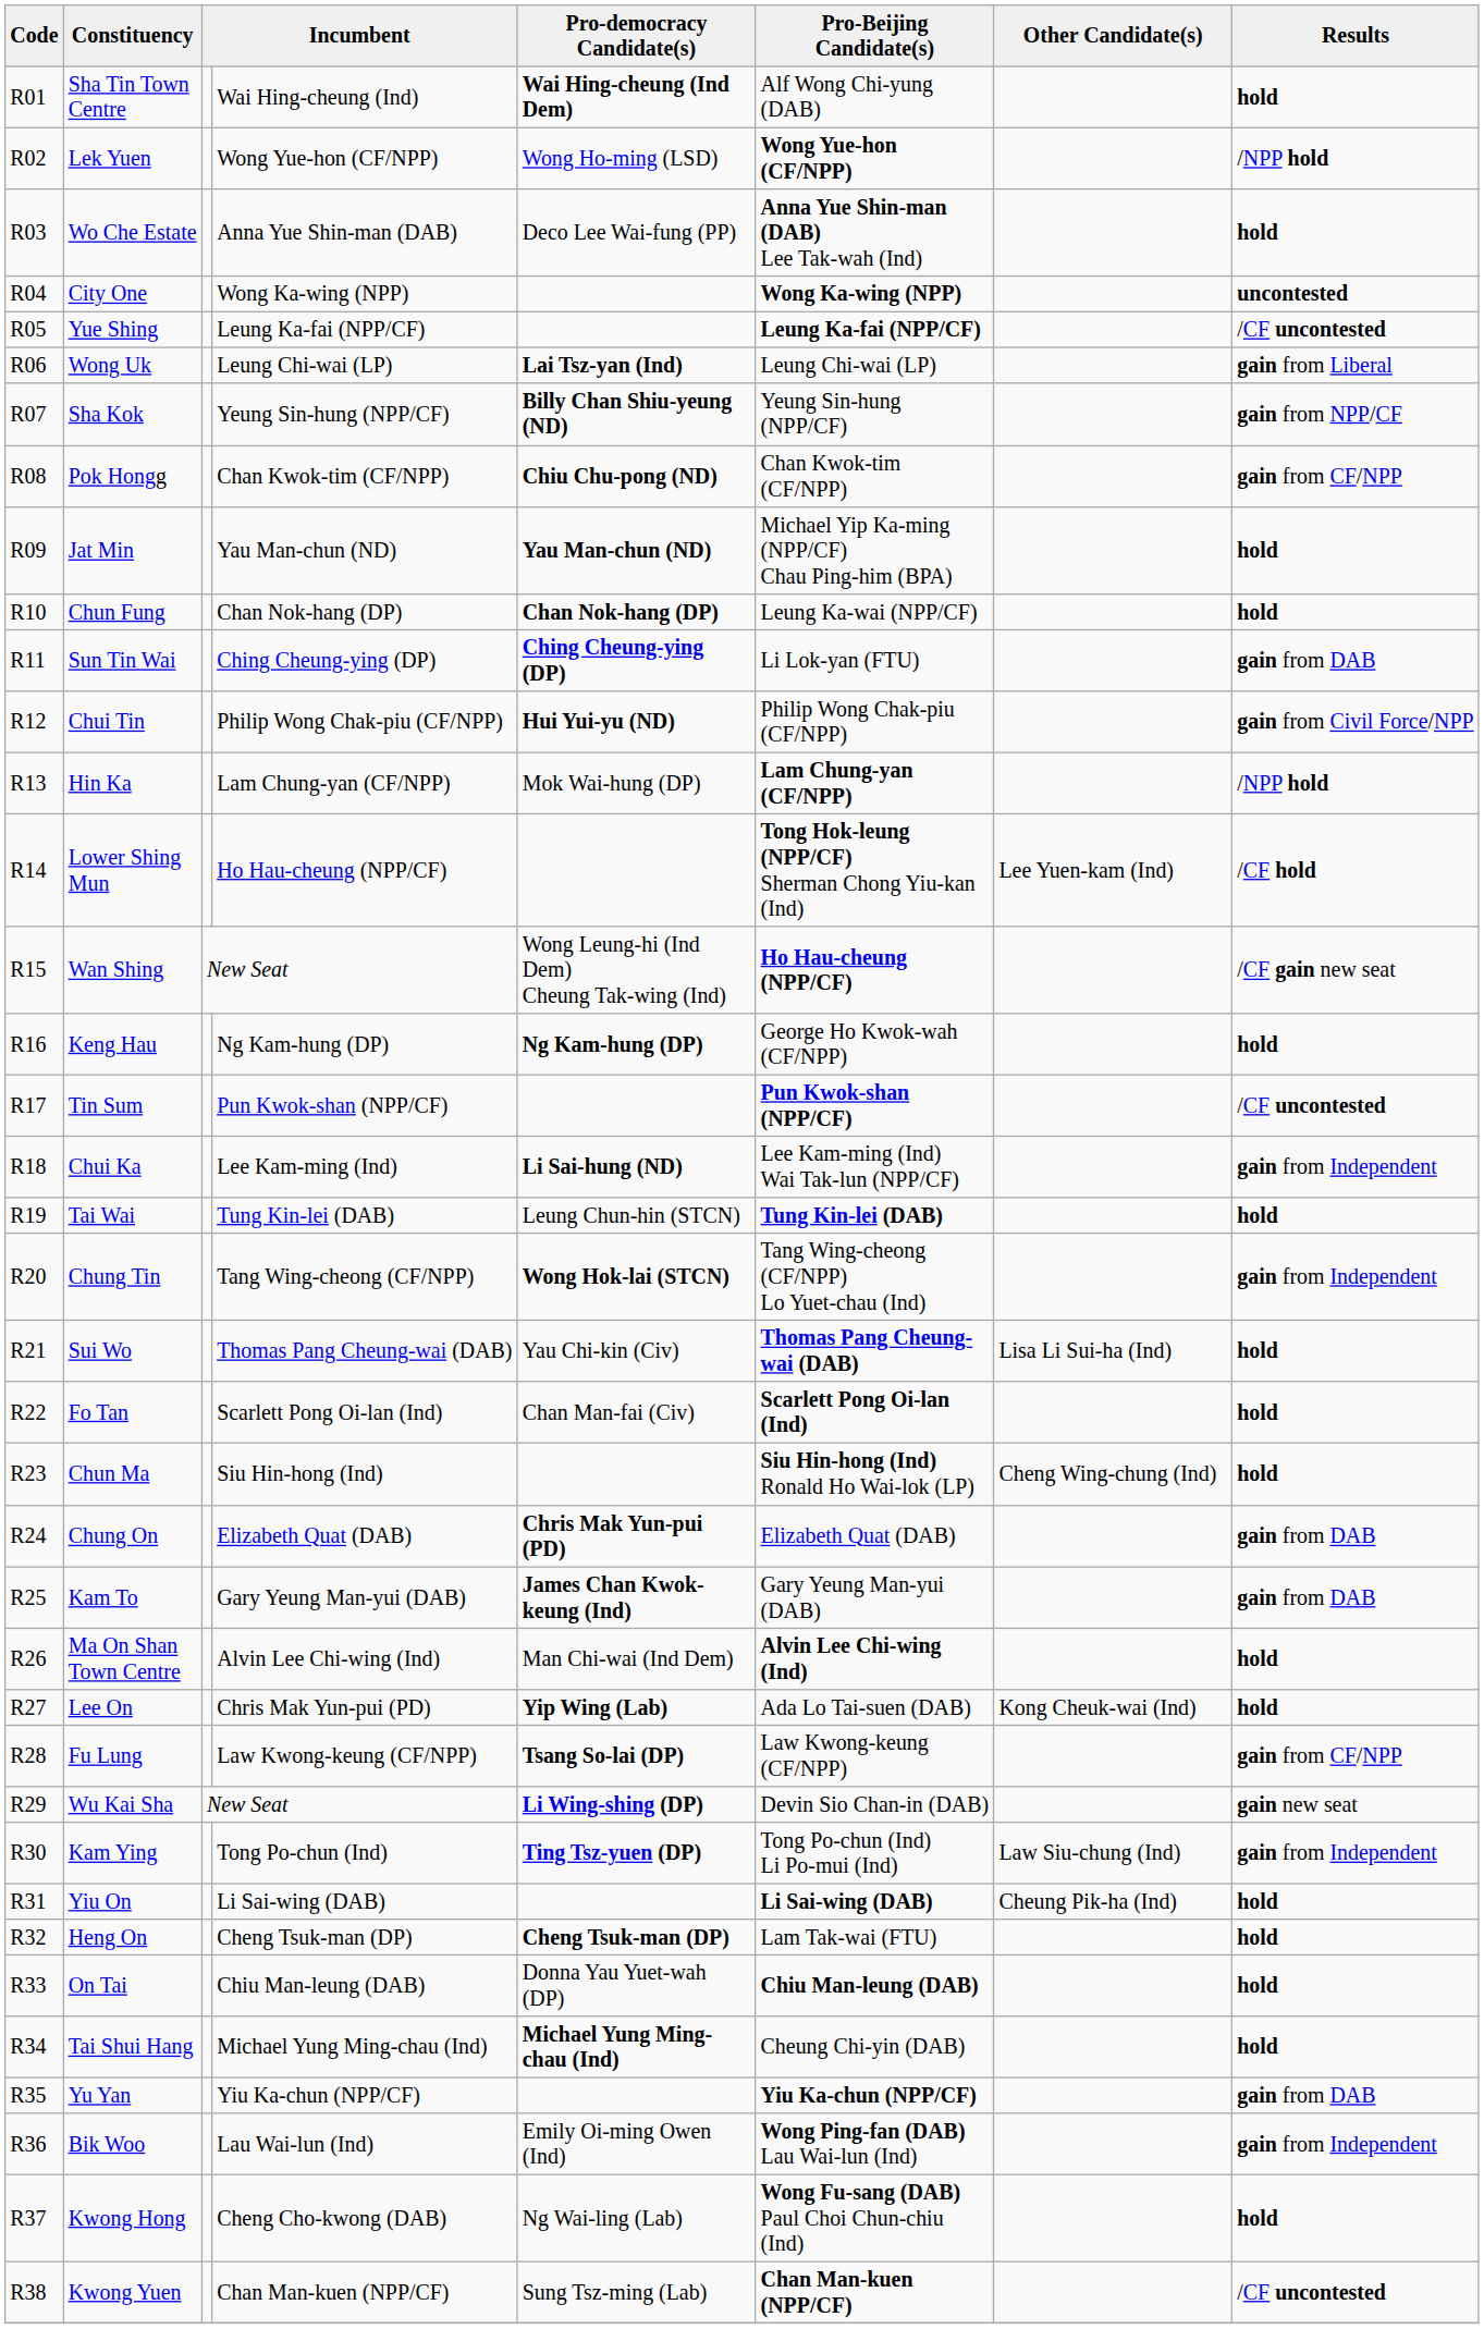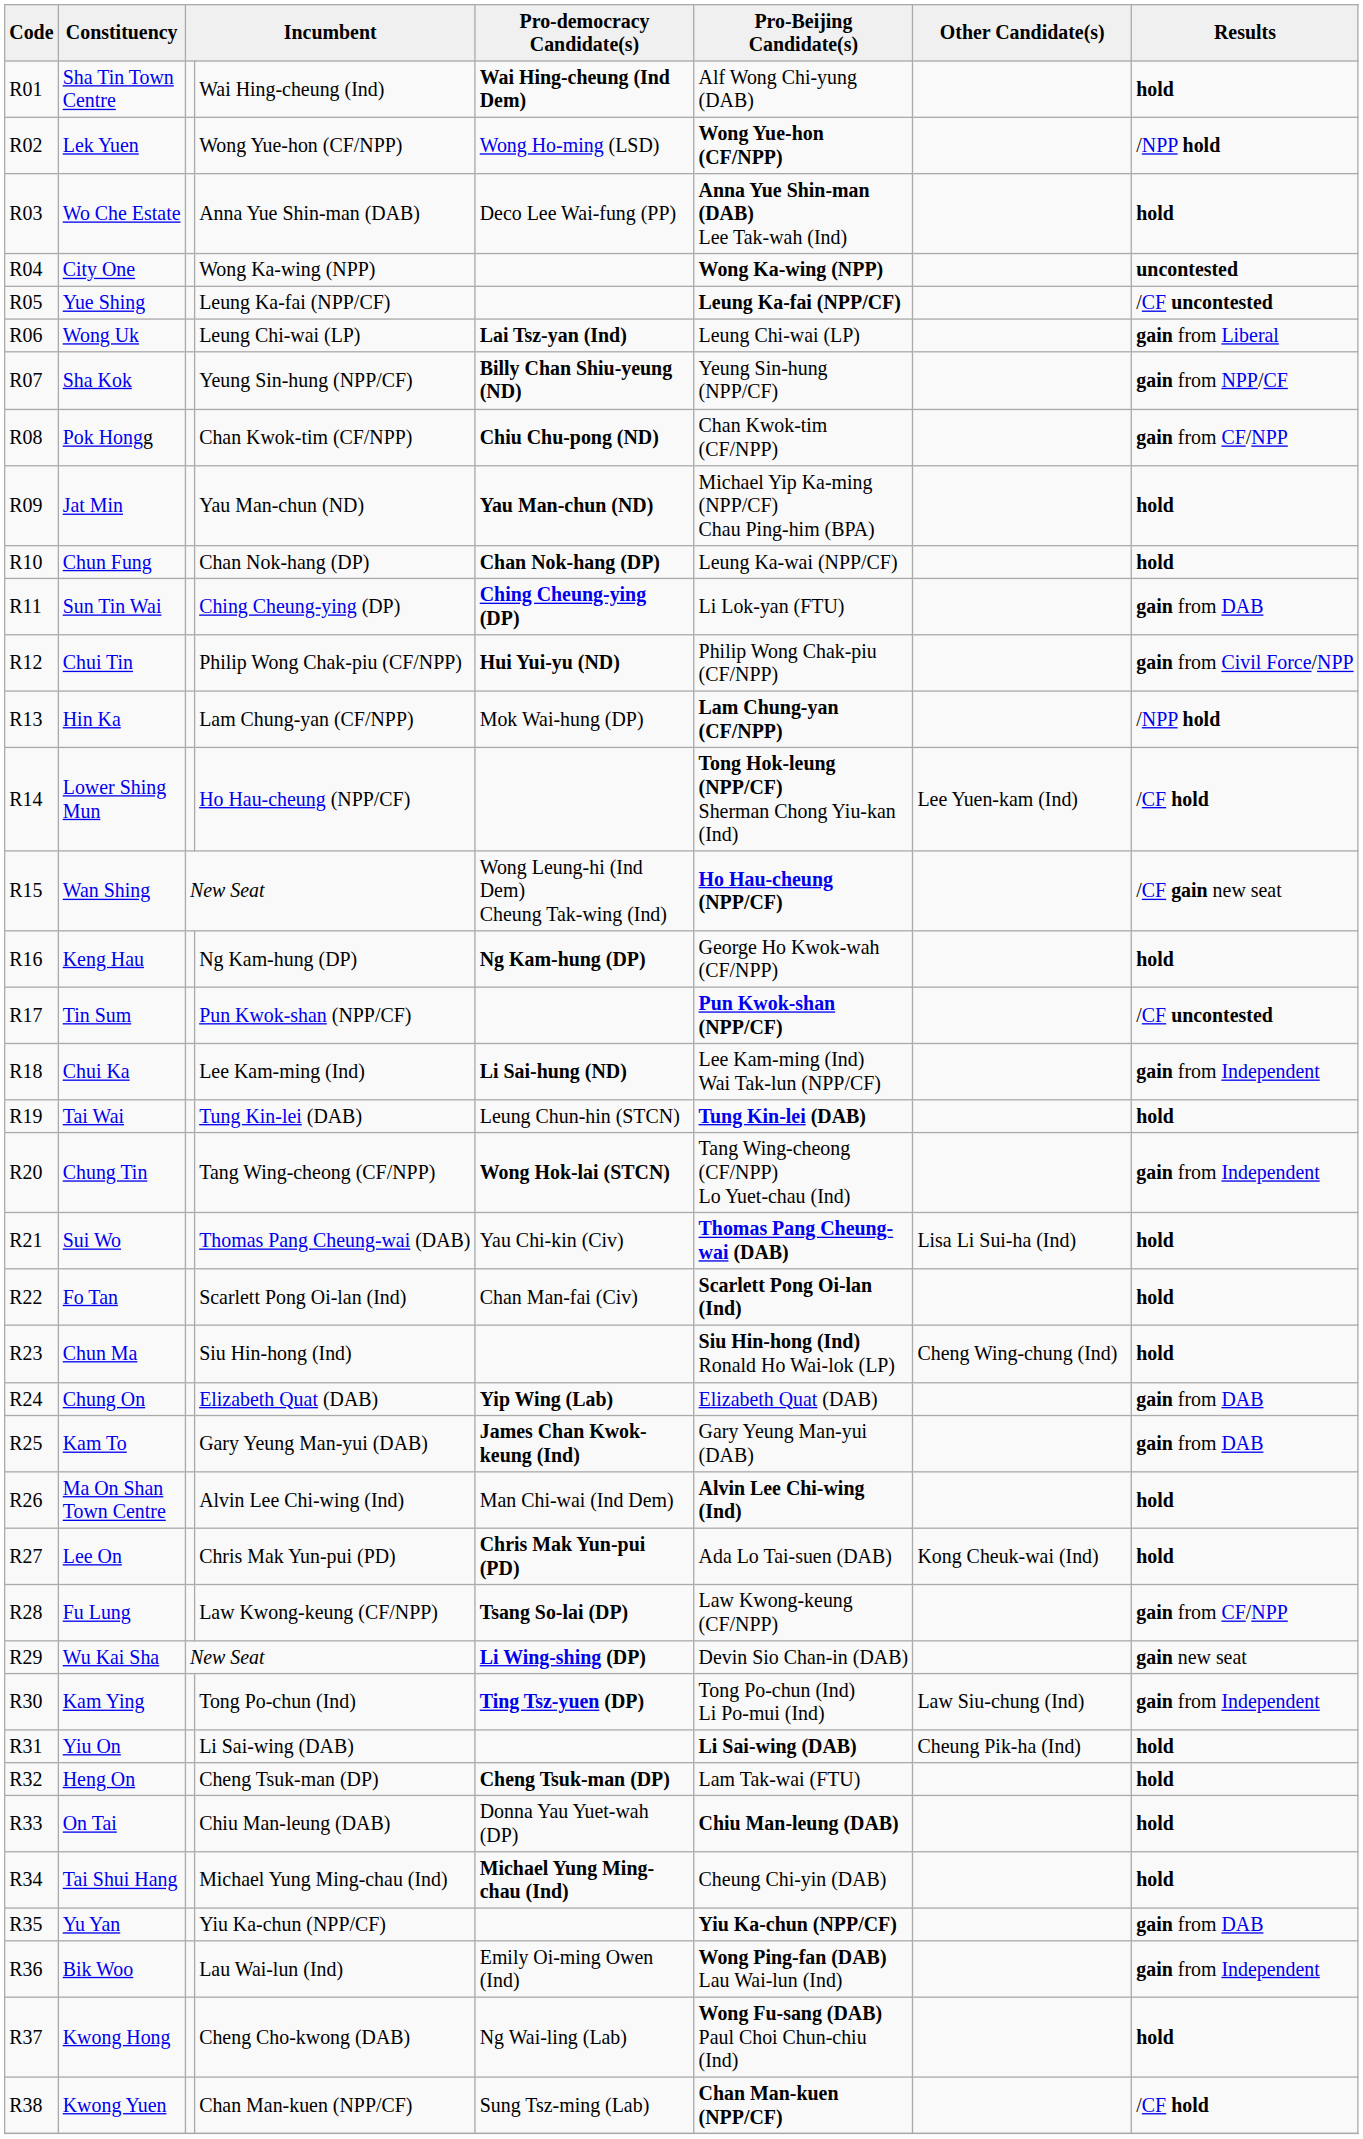 <table class="wikitable sortable" style="font-size: 95%;">
 <tr>
 <th align="center" style="background:#f0f0f0;" width="20px"><strong>Code</strong></th>
 <th align="center" style="background:#f0f0f0;" width="90px"><strong>Constituency</strong></th>
 <th align="center" style="background:#f0f0f0;" width="120px" colspan=2><strong>Incumbent</strong></th>
 <th align="center" style="background:#f0f0f0;" width="160px"><strong>Pro-democracy Candidate(s)</strong></th>
 <th align="center" style="background:#f0f0f0;" width="160px"><strong>Pro-Beijing Candidate(s)</strong></th>
 <th align="center" style="background:#f0f0f0;" width="160px"><strong>Other Candidate(s)</strong></th>
 <th align="center" style="background:#f0f0f0;" width="100px" colspan="2"><strong>Results</strong></th>
 </tr>
 <tr>
 <td>R01</td>
 <td><a href='#'>Sha Tin Town Centre</a></td>
 <td></td>
 <td>Wai Hing-cheung (Ind)</td>
 <td><strong>Wai Hing-cheung (Ind Dem)</strong></td>
 <td>Alf Wong Chi-yung (DAB)</td>
 <td></td>
 <td> <strong>hold</strong></td>
 </tr>
 <tr>
 <td>R02</td>
 <td><a href='#'>Lek Yuen</a></td>
 <td></td>
 <td>Wong Yue-hon (CF/NPP)</td>
 <td><a href='#'>Wong Ho-ming</a> (LSD)</td>
 <td><strong>Wong Yue-hon (CF/NPP)</strong></td>
 <td></td>
 <td>/<a href='#'>NPP</a> <strong>hold</strong></td>
 </tr>
 <tr>
 <td>R03</td>
 <td><a href='#'>Wo Che Estate</a></td>
 <td></td>
 <td>Anna Yue Shin-man (DAB)</td>
 <td>Deco Lee Wai-fung (PP)</td>
 <td><strong>Anna Yue Shin-man (DAB)</strong><br>Lee Tak-wah (Ind)</td>
 <td></td>
 <td> <strong>hold</strong></td>
 </tr>
 <tr>
 <td>R04</td>
 <td><a href='#'>City One</a></td>
 <td></td>
 <td>Wong Ka-wing (NPP)</td>
 <td></td>
 <td><strong>Wong Ka-wing (NPP)</strong></td>
 <td></td>
 <td> <strong>uncontested</strong></td>
 </tr>
 <tr>
 <td>R05</td>
 <td><a href='#'>Yue Shing</a></td>
 <td></td>
 <td>Leung Ka-fai (NPP/CF)</td>
 <td></td>
 <td><strong>Leung Ka-fai (NPP/CF)</strong></td>
 <td></td>
 <td>/<a href='#'>CF</a> <strong>uncontested</strong></td>
 </tr>
 <tr>
 <td>R06</td>
 <td><a href='#'>Wong Uk</a></td>
 <td></td>
 <td>Leung Chi-wai (LP)</td>
 <td><strong>Lai Tsz-yan (Ind)</strong></td>
 <td>Leung Chi-wai (LP)</td>
 <td></td>
 <td> <strong>gain</strong> from <a href='#'>Liberal</a></td>
 </tr>
 <tr>
 <td>R07</td>
 <td><a href='#'>Sha Kok</a></td>
 <td></td>
 <td>Yeung Sin-hung (NPP/CF)</td>
 <td><strong>Billy Chan Shiu-yeung (ND)</strong></td>
 <td>Yeung Sin-hung (NPP/CF)</td>
 <td></td>
 <td> <strong>gain</strong> from <a href='#'>NPP</a>/<a href='#'>CF</a></td>
 </tr>
 <tr>
 <td>R08</td>
 <td><a href='#'>Pok Hong</a>g</td>
 <td></td>
 <td>Chan Kwok-tim (CF/NPP)</td>
 <td><strong>Chiu Chu-pong (ND)</strong></td>
 <td>Chan Kwok-tim (CF/NPP)</td>
 <td></td>
 <td> <strong>gain</strong> from <a href='#'>CF</a>/<a href='#'>NPP</a></td>
 </tr>
 <tr>
 <td>R09</td>
 <td><a href='#'>Jat Min</a></td>
 <td></td>
 <td>Yau Man-chun (ND)</td>
 <td><strong>Yau Man-chun (ND)</strong></td>
 <td>Michael Yip Ka-ming (NPP/CF)<br>Chau Ping-him (BPA)</td>
 <td></td>
 <td> <strong>hold</strong></td>
 </tr>
 <tr>
 <td>R10</td>
 <td><a href='#'>Chun Fung</a></td>
 <td></td>
 <td>Chan Nok-hang (DP)</td>
 <td><strong>Chan Nok-hang (DP)</strong></td>
 <td>Leung Ka-wai (NPP/CF)</td>
 <td></td>
 <td> <strong>hold</strong></td>
 </tr>
 <tr>
 <td>R11</td>
 <td><a href='#'>Sun Tin Wai</a></td>
 <td></td>
 <td><a href='#'>Ching Cheung-ying</a> (DP)</td>
 <td><strong><a href='#'>Ching Cheung-ying</a> (DP)</strong></td>
 <td>Li Lok-yan (FTU)</td>
 <td></td>
 <td> <strong>gain</strong> from <a href='#'>DAB</a></td>
 </tr>
 <tr>
 <td>R12</td>
 <td><a href='#'>Chui Tin</a></td>
 <td></td>
 <td>Philip Wong Chak-piu (CF/NPP)</td>
 <td><strong>Hui Yui-yu (ND)</strong></td>
 <td>Philip Wong Chak-piu (CF/NPP)</td>
 <td></td>
 <td> <strong>gain</strong> from <a href='#'>Civil Force</a>/<a href='#'>NPP</a></td>
 </tr>
 <tr>
 <td>R13</td>
 <td><a href='#'>Hin Ka</a></td>
 <td></td>
 <td>Lam Chung-yan (CF/NPP)</td>
 <td>Mok Wai-hung (DP)</td>
 <td><strong>Lam Chung-yan (CF/NPP)</strong></td>
 <td></td>
 <td>/<a href='#'>NPP</a> <strong>hold</strong></td>
 </tr>
 <tr>
 <td>R14</td>
 <td><a href='#'>Lower Shing Mun</a></td>
 <td></td>
 <td><a href='#'>Ho Hau-cheung</a> (NPP/CF)</td>
 <td></td>
 <td><strong>Tong Hok-leung (NPP/CF)</strong><br>Sherman Chong Yiu-kan (Ind)</td>
 <td>Lee Yuen-kam (Ind)</td>
 <td>/<a href='#'>CF</a> <strong>hold</strong></td>
 </tr>
 <tr>
 <td>R15</td>
 <td><a href='#'>Wan Shing</a></td>
 <td colspan=2><em>New Seat</em></td>
 <td>Wong Leung-hi (Ind Dem)<br>Cheung Tak-wing (Ind)</td>
 <td><strong><a href='#'>Ho Hau-cheung</a> (NPP/CF)</strong></td>
 <td></td>
 <td>/<a href='#'>CF</a> <strong>gain</strong> new seat</td>
 </tr>
 <tr>
 <td>R16</td>
 <td><a href='#'>Keng Hau</a></td>
 <td></td>
 <td>Ng Kam-hung (DP)</td>
 <td><strong>Ng Kam-hung (DP)</strong></td>
 <td>George Ho Kwok-wah (CF/NPP)</td>
 <td></td>
 <td> <strong>hold</strong></td>
 </tr>
 <tr>
 <td>R17</td>
 <td><a href='#'>Tin Sum</a></td>
 <td></td>
 <td><a href='#'>Pun Kwok-shan</a> (NPP/CF)</td>
 <td></td>
 <td><strong><a href='#'>Pun Kwok-shan</a> (NPP/CF)</strong></td>
 <td></td>
 <td>/<a href='#'>CF</a> <strong>uncontested</strong></td>
 </tr>
 <tr>
 <td>R18</td>
 <td><a href='#'>Chui Ka</a></td>
 <td></td>
 <td>Lee Kam-ming (Ind)</td>
 <td><strong>Li Sai-hung (ND)</strong></td>
 <td>Lee Kam-ming (Ind)<br>Wai Tak-lun (NPP/CF)</td>
 <td></td>
 <td> <strong>gain</strong> from <a href='#'>Independent</a></td>
 </tr>
 <tr>
 <td>R19</td>
 <td><a href='#'>Tai Wai</a></td>
 <td></td>
 <td><a href='#'>Tung Kin-lei</a> (DAB)</td>
 <td>Leung Chun-hin (STCN)</td>
 <td><strong><a href='#'>Tung Kin-lei</a> (DAB)</strong></td>
 <td></td>
 <td> <strong>hold</strong></td>
 </tr>
 <tr>
 <td>R20</td>
 <td><a href='#'>Chung Tin</a></td>
 <td></td>
 <td>Tang Wing-cheong (CF/NPP)</td>
 <td><strong>Wong Hok-lai (STCN)</strong></td>
 <td>Tang Wing-cheong (CF/NPP)<br>Lo Yuet-chau (Ind)</td>
 <td></td>
 <td> <strong>gain</strong> from <a href='#'>Independent</a></td>
 </tr>
 <tr>
 <td>R21</td>
 <td><a href='#'>Sui Wo</a></td>
 <td></td>
 <td><a href='#'>Thomas Pang Cheung-wai</a> (DAB)</td>
 <td>Yau Chi-kin (Civ)</td>
 <td><strong><a href='#'>Thomas Pang Cheung-wai</a> (DAB)</strong></td>
 <td>Lisa Li Sui-ha (Ind)</td>
 <td> <strong>hold</strong></td>
 </tr>
 <tr>
 <td>R22</td>
 <td><a href='#'>Fo Tan</a></td>
 <td></td>
 <td>Scarlett Pong Oi-lan (Ind)</td>
 <td>Chan Man-fai (Civ)</td>
 <td><strong>Scarlett Pong Oi-lan (Ind)</strong></td>
 <td></td>
 <td> <strong>hold</strong></td>
 </tr>
 <tr>
 <td>R23</td>
 <td><a href='#'>Chun Ma</a></td>
 <td></td>
 <td>Siu Hin-hong (Ind)</td>
 <td></td>
 <td><strong>Siu Hin-hong (Ind)</strong><br>Ronald Ho Wai-lok (LP)</td>
 <td>Cheng Wing-chung (Ind)</td>
 <td> <strong>hold</strong></td>
 </tr>
 <tr>
 <td>R24</td>
 <td><a href='#'>Chung On</a></td>
 <td></td>
 <td><a href='#'>Elizabeth Quat</a> (DAB)</td>
-<td><strong>Chris Mak Yun-pui (PD)</strong></td>
+<td><strong>Yip Wing (Lab)</strong></td>
 <td><a href='#'>Elizabeth Quat</a> (DAB)</td>
 <td></td>
 <td> <strong>gain</strong> from <a href='#'>DAB</a></td>
 </tr>
 <tr>
 <td>R25</td>
 <td><a href='#'>Kam To</a></td>
 <td></td>
 <td>Gary Yeung Man-yui (DAB)</td>
 <td><strong>James Chan Kwok-keung (Ind)</strong></td>
 <td>Gary Yeung Man-yui (DAB)</td>
 <td></td>
 <td> <strong>gain</strong> from <a href='#'>DAB</a></td>
 </tr>
 <tr>
 <td>R26</td>
 <td><a href='#'>Ma On Shan Town Centre</a></td>
 <td></td>
 <td>Alvin Lee Chi-wing (Ind)</td>
 <td>Man Chi-wai (Ind Dem)</td>
 <td><strong>Alvin Lee Chi-wing (Ind)</strong></td>
 <td></td>
 <td> <strong>hold</strong></td>
 </tr>
 <tr>
 <td>R27</td>
 <td><a href='#'>Lee On</a></td>
 <td></td>
 <td>Chris Mak Yun-pui (PD)</td>
-<td><strong>Yip Wing (Lab)</strong></td>
+<td><strong>Chris Mak Yun-pui (PD)</strong></td>
 <td>Ada Lo Tai-suen (DAB)</td>
 <td>Kong Cheuk-wai (Ind)</td>
 <td> <strong>hold</strong></td>
 </tr>
 <tr>
 <td>R28</td>
 <td><a href='#'>Fu Lung</a></td>
 <td></td>
 <td>Law Kwong-keung (CF/NPP)</td>
 <td><strong>Tsang So-lai (DP)</strong></td>
 <td>Law Kwong-keung (CF/NPP)</td>
 <td></td>
 <td> <strong>gain</strong> from <a href='#'>CF</a>/<a href='#'>NPP</a></td>
 </tr>
 <tr>
 <td>R29</td>
 <td><a href='#'>Wu Kai Sha</a></td>
 <td colspan=2><em>New Seat</em></td>
 <td><strong><a href='#'>Li Wing-shing</a> (DP)</strong></td>
 <td>Devin Sio Chan-in (DAB)</td>
 <td></td>
 <td> <strong>gain</strong> new seat</td>
 </tr>
 <tr>
 <td>R30</td>
 <td><a href='#'>Kam Ying</a></td>
 <td></td>
 <td>Tong Po-chun (Ind)</td>
 <td><strong><a href='#'>Ting Tsz-yuen</a> (DP)</strong></td>
 <td>Tong Po-chun (Ind)<br>Li Po-mui (Ind)</td>
 <td>Law Siu-chung (Ind)</td>
 <td> <strong>gain</strong> from <a href='#'>Independent</a></td>
 </tr>
 <tr>
 <td>R31</td>
 <td><a href='#'>Yiu On</a></td>
 <td></td>
 <td>Li Sai-wing (DAB)</td>
 <td></td>
 <td><strong>Li Sai-wing (DAB)</strong></td>
 <td>Cheung Pik-ha (Ind)</td>
 <td> <strong>hold</strong></td>
 </tr>
 <tr>
 <td>R32</td>
 <td><a href='#'>Heng On</a></td>
 <td></td>
 <td>Cheng Tsuk-man (DP)</td>
 <td><strong>Cheng Tsuk-man (DP)</strong></td>
 <td>Lam Tak-wai (FTU)</td>
 <td></td>
 <td> <strong>hold</strong></td>
 </tr>
 <tr>
 <td>R33</td>
 <td><a href='#'>On Tai</a></td>
 <td></td>
 <td>Chiu Man-leung (DAB)</td>
 <td>Donna Yau Yuet-wah (DP)</td>
 <td><strong>Chiu Man-leung (DAB)</strong></td>
 <td></td>
 <td> <strong>hold</strong></td>
 </tr>
 <tr>
 <td>R34</td>
 <td><a href='#'>Tai Shui Hang</a></td>
 <td></td>
 <td>Michael Yung Ming-chau (Ind)</td>
 <td><strong>Michael Yung Ming-chau (Ind)</strong></td>
 <td>Cheung Chi-yin (DAB)</td>
 <td></td>
 <td> <strong>hold</strong></td>
 </tr>
 <tr>
 <td>R35</td>
 <td><a href='#'>Yu Yan</a></td>
 <td></td>
 <td>Yiu Ka-chun (NPP/CF)</td>
 <td></td>
 <td><strong>Yiu Ka-chun (NPP/CF)</strong></td>
 <td></td>
 <td> <strong>gain</strong> from <a href='#'>DAB</a></td>
 </tr>
 <tr>
 <td>R36</td>
 <td><a href='#'>Bik Woo</a></td>
 <td></td>
 <td>Lau Wai-lun (Ind)</td>
 <td>Emily Oi-ming Owen (Ind)</td>
 <td><strong>Wong Ping-fan (DAB)</strong><br>Lau Wai-lun (Ind)</td>
 <td></td>
 <td> <strong>gain</strong> from <a href='#'>Independent</a></td>
 </tr>
 <tr>
 <td>R37</td>
 <td><a href='#'>Kwong Hong</a></td>
 <td></td>
 <td>Cheng Cho-kwong (DAB)</td>
 <td>Ng Wai-ling (Lab)</td>
 <td><strong>Wong Fu-sang (DAB)</strong><br>Paul Choi Chun-chiu (Ind)</td>
 <td></td>
 <td> <strong>hold</strong></td>
 </tr>
 <tr>
 <td>R38</td>
 <td><a href='#'>Kwong Yuen</a></td>
 <td></td>
 <td>Chan Man-kuen (NPP/CF)</td>
 <td>Sung Tsz-ming (Lab)</td>
 <td><strong>Chan Man-kuen (NPP/CF)</strong></td>
 <td></td>
-<td>/<a href='#'>CF</a> <strong>uncontested</strong></td>
+<td>/<a href='#'>CF</a> <strong>hold</strong></td>
 </tr>
 <tr>
 </tr>
 </table>
